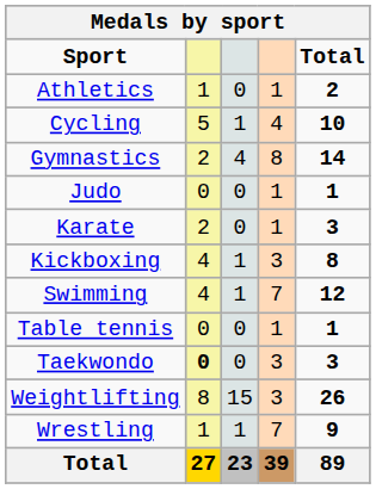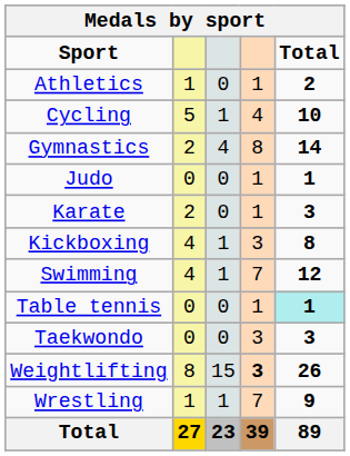 <table class="wikitable" style="font-size:85%">
 <tr style="background:#efefef;">
 <th colspan=7><strong>Medals by sport</strong></th>
 </tr>
 <tr align=center>
 <td><strong>Sport</strong></td>
 <td bgcolor=#f7f6a8></td>
 <td bgcolor=#dce5e5></td>
 <td bgcolor=#ffdab9></td>
 <td><strong>Total</strong></td>
 </tr>
 <tr align=center>
 <td><a href='#'>Athletics</a></td>
 <td style="background:#F7F6A8;">1</td>
 <td style="background:#DCE5E5;">0</td>
 <td style="background:#FFDAB9;">1</td>
 <td><strong>2</strong></td>
 </tr>
 <tr align=center>
 <td><a href='#'>Cycling</a></td>
 <td style="background:#F7F6A8;">5</td>
 <td style="background:#DCE5E5;">1</td>
 <td style="background:#FFDAB9;">4</td>
 <td><strong>10</strong></td>
 </tr>
 <tr align=center>
 <td><a href='#'>Gymnastics</a></td>
 <td style="background:#F7F6A8;">2</td>
 <td style="background:#DCE5E5;">4</td>
 <td style="background:#FFDAB9;">8</td>
 <td><strong>14</strong></td>
 </tr>
 <tr align=center>
 <td><a href='#'>Judo</a></td>
 <td style="background:#F7F6A8;">0</td>
 <td style="background:#DCE5E5;">0</td>
 <td style="background:#FFDAB9;">1</td>
 <td><strong>1</strong></td>
 </tr>
 <tr align=center>
 <td><a href='#'>Karate</a></td>
 <td style="background:#F7F6A8;">2</td>
 <td style="background:#DCE5E5;">0</td>
 <td style="background:#FFDAB9;">1</td>
 <td><strong>3</strong></td>
 </tr>
 <tr align=center>
 <td><a href='#'>Kickboxing</a></td>
 <td style="background:#F7F6A8;">4</td>
 <td style="background:#DCE5E5;">1</td>
 <td style="background:#FFDAB9;">3</td>
 <td><strong>8</strong></td>
 </tr>
 <tr align=center>
 <td><a href='#'>Swimming</a></td>
 <td style="background:#F7F6A8;">4</td>
 <td style="background:#DCE5E5;">1</td>
 <td style="background:#FFDAB9;">7</td>
 <td><strong>12</strong></td>
 </tr>
 <tr align=center>
 <td><a href='#'>Table tennis</a></td>
 <td style="background:#F7F6A8;">0</td>
 <td style="background:#DCE5E5;">0</td>
 <td style="background:#FFDAB9;">1</td>
-<td><strong>1</strong></td>
+<td style="background: paleturquoise;"><strong>1</strong></td>
 </tr>
 <tr align=center>
 <td><a href='#'>Taekwondo</a></td>
-<td style="background:#F7F6A8;"><strong>0</strong></td>
+<td style="background:#F7F6A8;">0</td>
 <td style="background:#DCE5E5;">0</td>
 <td style="background:#FFDAB9;">3</td>
 <td><strong>3</strong></td>
 </tr>
 <tr align=center>
 <td><a href='#'>Weightlifting</a></td>
 <td style="background:#F7F6A8;">8</td>
 <td style="background:#DCE5E5;">15</td>
-<td style="background:#FFDAB9;">3</td>
+<td style="background:#FFDAB9;"><strong>3</strong></td>
 <td><strong>26</strong></td>
 </tr>
 <tr align=center>
 <td><a href='#'>Wrestling</a></td>
 <td style="background:#F7F6A8;">1</td>
 <td style="background:#DCE5E5;">1</td>
 <td style="background:#FFDAB9;">7</td>
 <td><strong>9</strong></td>
 </tr>
 <tr align=center>
 <th><strong>Total</strong></th>
 <th style="background:gold;"><strong>27</strong></th>
 <th style="background:silver;"><strong>23</strong></th>
 <th style="background:#c96;"><strong>39</strong></th>
 <th><strong>89</strong></th>
 </tr>
 </table>
